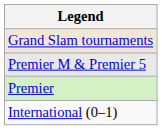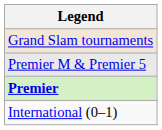 <table class="wikitable" style="font-size:90%;">
 <tr>
 <th>Legend</th>
 </tr>
 <tr>
 <td bgcolor="#f3e6d7"><a href='#'>Grand Slam tournaments</a></td>
 </tr>
 <tr>
 <td bgcolor="#e9e9e9"><a href='#'>Premier M & Premier 5</a></td>
 </tr>
 <tr>
-<td bgcolor="#d4f1c5"><a href='#'>Premier</a></td>
+<td bgcolor="#d4f1c5"><strong><a href='#'>Premier</a></strong></td>
 </tr>
 <tr>
 <td><a href='#'>International</a> (0–1)</td>
 </tr>
 </table>
